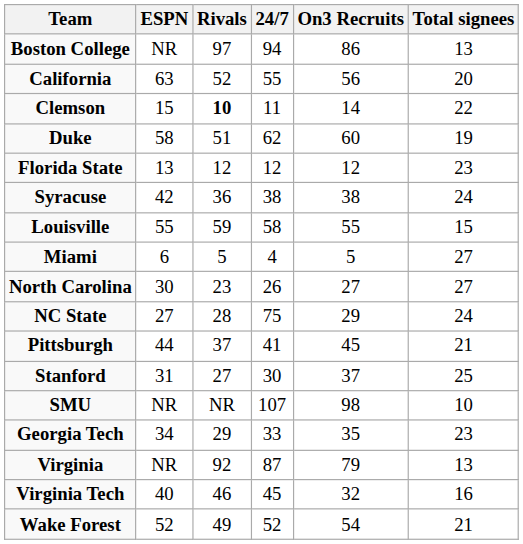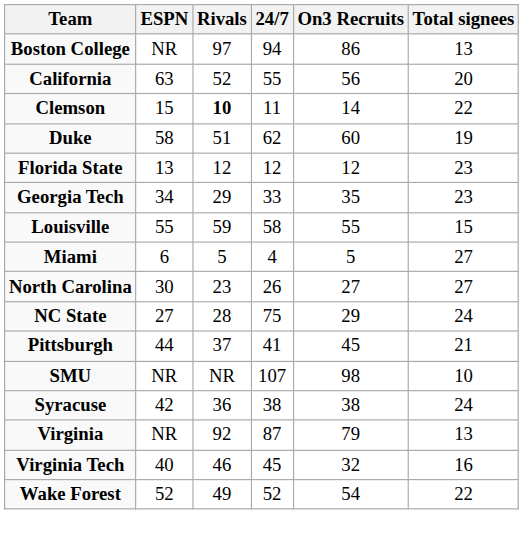 <table class="wikitable sortable" style="text-align:center">
 <tr>
 <th>Team</th>
 <th>ESPN</th>
 <th>Rivals</th>
 <th>24/7</th>
 <th>On3 Recruits</th>
 <th>Total signees</th>
 </tr>
 <tr>
 <td><strong>Boston College</strong></td>
 <td style="text-align:center; background:white">NR</td>
 <td style="text-align:center; background:white">97</td>
 <td style="text-align:center; background:white">94</td>
 <td style="text-align:center; background:white">86</td>
 <td style="text-align:center; background:white">13</td>
 </tr>
 <tr>
 <td><strong>California</strong></td>
 <td style="text-align:center; background:white">63</td>
 <td style="text-align:center; background:white">52</td>
 <td style="text-align:center; background:white">55</td>
 <td style="text-align:center; background:white">56</td>
 <td style="text-align:center; background:white">20</td>
 </tr>
 <tr>
 <td><strong>Clemson</strong></td>
 <td style="text-align:center; background:white">15</td>
 <td style="text-align:center; background:white"><strong>10</strong></td>
 <td style="text-align:center; background:white">11</td>
 <td style="text-align:center; background:white">14</td>
 <td style="text-align:center; background:white">22</td>
 </tr>
 <tr>
 <td><strong>Duke</strong></td>
 <td style="text-align:center; background:white">58</td>
 <td style="text-align:center; background:white">51</td>
 <td style="text-align:center; background:white">62</td>
 <td style="text-align:center; background:white">60</td>
 <td style="text-align:center; background:white">19</td>
 </tr>
 <tr>
 <td><strong>Florida State</strong></td>
 <td style="text-align:center; background:white">13</td>
 <td style="text-align:center; background:white">12</td>
 <td style="text-align:center; background:white">12</td>
 <td style="text-align:center; background:white">12</td>
 <td style="text-align:center; background:white">23</td>
 </tr>
 <tr>
-<td><strong>Syracuse</strong></td>
-<td style="text-align:center; background:white">42</td>
-<td style="text-align:center; background:white">36</td>
-<td style="text-align:center; background:white">38</td>
-<td style="text-align:center; background:white">38</td>
-<td style="text-align:center; background:white">24</td>
+<td><strong>Georgia Tech</strong></td>
+<td style="text-align:center; background:white">34</td>
+<td style="text-align:center; background:white">29</td>
+<td style="text-align:center; background:white">33</td>
+<td style="text-align:center; background:white">35</td>
+<td style="text-align:center; background:white">23</td>
 </tr>
 <tr>
 <td><strong>Louisville</strong></td>
 <td style="text-align:center; background:white">55</td>
 <td style="text-align:center; background:white">59</td>
 <td style="text-align:center; background:white">58</td>
 <td style="text-align:center; background:white">55</td>
 <td style="text-align:center; background:white">15</td>
 </tr>
 <tr>
 <td><strong>Miami</strong></td>
 <td style="text-align:center; background:white">6</td>
 <td style="text-align:center; background:white">5</td>
 <td style="text-align:center; background:white">4</td>
 <td style="text-align:center; background:white">5</td>
 <td style="text-align:center; background:white">27</td>
 </tr>
 <tr>
 <td><strong>North Carolina</strong></td>
 <td style="text-align:center; background:white">30</td>
 <td style="text-align:center; background:white">23</td>
 <td style="text-align:center; background:white">26</td>
 <td style="text-align:center; background:white">27</td>
 <td style="text-align:center; background:white">27</td>
 </tr>
 <tr>
 <td><strong>NC State</strong></td>
 <td style="text-align:center; background:white">27</td>
 <td style="text-align:center; background:white">28</td>
 <td style="text-align:center; background:white">75</td>
 <td style="text-align:center; background:white">29</td>
 <td style="text-align:center; background:white">24</td>
 </tr>
 <tr>
 <td><strong>Pittsburgh</strong></td>
 <td style="text-align:center; background:white">44</td>
 <td style="text-align:center; background:white">37</td>
 <td style="text-align:center; background:white">41</td>
 <td style="text-align:center; background:white">45</td>
 <td style="text-align:center; background:white">21</td>
 </tr>
 <tr>
-<td><strong>Stanford</strong></td>
-<td style="text-align:center; background:white">31</td>
-<td style="text-align:center; background:white">27</td>
-<td style="text-align:center; background:white">30</td>
-<td style="text-align:center; background:white">37</td>
-<td style="text-align:center; background:white">25</td>
-</tr>
-<tr>
 <td><strong>SMU</strong></td>
 <td style="text-align:center; background:white">NR</td>
 <td style="text-align:center; background:white">NR</td>
 <td style="text-align:center; background:white">107</td>
 <td style="text-align:center; background:white">98</td>
 <td style="text-align:center; background:white">10</td>
 </tr>
 <tr>
-<td><strong>Georgia Tech</strong></td>
-<td style="text-align:center; background:white">34</td>
-<td style="text-align:center; background:white">29</td>
-<td style="text-align:center; background:white">33</td>
-<td style="text-align:center; background:white">35</td>
-<td style="text-align:center; background:white">23</td>
+<td><strong>Syracuse</strong></td>
+<td style="text-align:center; background:white">42</td>
+<td style="text-align:center; background:white">36</td>
+<td style="text-align:center; background:white">38</td>
+<td style="text-align:center; background:white">38</td>
+<td style="text-align:center; background:white">24</td>
 </tr>
 <tr>
 <td><strong>Virginia</strong></td>
 <td style="text-align:center; background:white">NR</td>
 <td style="text-align:center; background:white">92</td>
 <td style="text-align:center; background:white">87</td>
 <td style="text-align:center; background:white">79</td>
 <td style="text-align:center; background:white">13</td>
 </tr>
 <tr>
 <td><strong>Virginia Tech</strong></td>
 <td style="text-align:center; background:white">40</td>
 <td style="text-align:center; background:white">46</td>
 <td style="text-align:center; background:white">45</td>
 <td style="text-align:center; background:white">32</td>
 <td style="text-align:center; background:white">16</td>
 </tr>
 <tr>
 <td><strong>Wake Forest</strong></td>
 <td style="text-align:center; background:white">52</td>
 <td style="text-align:center; background:white">49</td>
 <td style="text-align:center; background:white">52</td>
 <td style="text-align:center; background:white">54</td>
-<td style="text-align:center; background:white">21</td>
+<td style="text-align:center; background:white">22</td>
 </tr>
 </table>
